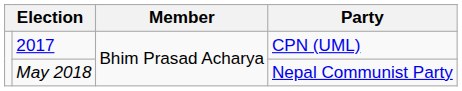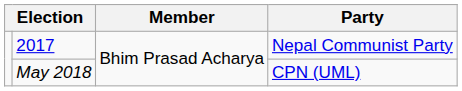 <table class="wikitable">
 <tr>
 <th colspan="2">Election</th>
 <th>Member</th>
 <th>Party</th>
 </tr>
 <tr>
 <td rowspan="2" style="background-color:"></td>
 <td><a href='#'>2017</a></td>
 <td rowspan="2">Bhim Prasad Acharya</td>
-<td><a href='#'>CPN (UML)</a></td>
+<td><a href='#'>Nepal Communist Party</a></td>
 </tr>
 <tr>
 <td><em>May 2018</em></td>
-<td><a href='#'>Nepal Communist Party</a></td>
+<td><a href='#'>CPN (UML)</a></td>
 </tr>
 </table>
